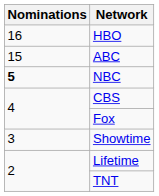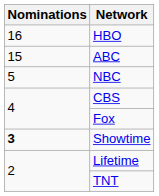 <table class="wikitable">
 <tr>
 <th>Nominations</th>
 <th>Network</th>
 </tr>
 <tr>
 <td>16</td>
 <td><a href='#'>HBO</a></td>
 </tr>
 <tr>
 <td>15</td>
 <td><a href='#'>ABC</a></td>
 </tr>
 <tr>
-<td><strong>5</strong></td>
+<td>5</td>
 <td><a href='#'>NBC</a></td>
 </tr>
 <tr>
 <td rowspan="2">4</td>
 <td><a href='#'>CBS</a></td>
 </tr>
 <tr>
 <td><a href='#'>Fox</a></td>
 </tr>
 <tr>
-<td>3</td>
+<td><strong>3</strong></td>
 <td><a href='#'>Showtime</a></td>
 </tr>
 <tr>
 <td rowspan="2">2</td>
 <td><a href='#'>Lifetime</a></td>
 </tr>
 <tr>
 <td><a href='#'>TNT</a></td>
 </tr>
 </table>
